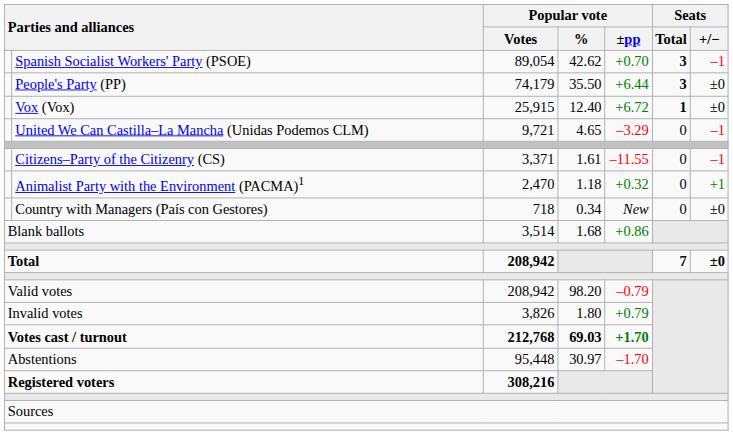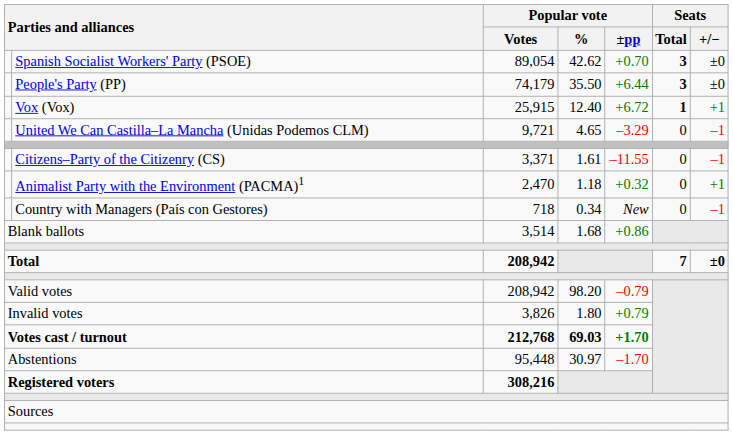 <table class="wikitable" style="text-align:right;">
 <tr>
 <th style="text-align:left;" rowspan="2" colspan="2" width="525">Parties and alliances</th>
 <th colspan="3">Popular vote</th>
 <th colspan="2">Seats</th>
 </tr>
 <tr>
 <th width="75">Votes</th>
 <th width="45">%</th>
 <th width="45">±<a href='#'>pp</a></th>
 <th width="35">Total</th>
 <th width="35">+/−</th>
 </tr>
 <tr>
 <td width="1" style="color:inherit;background:"></td>
 <td align="left"><a href='#'>Spanish Socialist Workers' Party</a> (PSOE)</td>
 <td>89,054</td>
 <td>42.62</td>
 <td style="color:green;">+0.70</td>
 <td><strong>3</strong></td>
-<td style="color:red;">–1</td>
+<td>±0</td>
 </tr>
 <tr>
 <td style="color:inherit;background:"></td>
 <td align="left"><a href='#'>People's Party</a> (PP)</td>
 <td>74,179</td>
 <td>35.50</td>
 <td style="color:green;">+6.44</td>
 <td><strong>3</strong></td>
 <td>±0</td>
 </tr>
 <tr>
 <td style="color:inherit;background:"></td>
 <td align="left"><a href='#'>Vox</a> (Vox)</td>
 <td>25,915</td>
 <td>12.40</td>
 <td style="color:green;">+6.72</td>
 <td><strong>1</strong></td>
-<td>±0</td>
+<td style="color:green;">+1</td>
 </tr>
 <tr>
 <td style="color:inherit;background:"></td>
 <td align="left"><a href='#'>United We Can Castilla–La Mancha</a> (Unidas Podemos CLM)</td>
 <td>9,721</td>
 <td>4.65</td>
 <td style="color:red;">–3.29</td>
 <td>0</td>
 <td style="color:red;">–1</td>
 </tr>
 <tr>
 <td colspan="7" bgcolor="#C0C0C0"></td>
 </tr>
 <tr>
 <td style="color:inherit;background:"></td>
 <td align="left"><a href='#'>Citizens–Party of the Citizenry</a> (CS)</td>
 <td>3,371</td>
 <td>1.61</td>
 <td style="color:red;">–11.55</td>
 <td>0</td>
 <td style="color:red;">–1</td>
 </tr>
 <tr>
 <td style="color:inherit;background:"></td>
 <td align="left"><a href='#'>Animalist Party with the Environment</a> (PACMA)<sup>1</sup></td>
 <td>2,470</td>
 <td>1.18</td>
 <td style="color:green;">+0.32</td>
 <td>0</td>
 <td style="color:green;">+1</td>
 </tr>
 <tr>
 <td style="color:inherit;background:"></td>
 <td align="left">Country with Managers (País con Gestores)</td>
 <td>718</td>
 <td>0.34</td>
 <td><em>New</em></td>
 <td>0</td>
-<td>±0</td>
+<td style="color:red;">–1</td>
 </tr>
 <tr>
 <td align="left" colspan="2">Blank ballots</td>
 <td>3,514</td>
 <td>1.68</td>
 <td style="color:green;">+0.86</td>
 <td bgcolor="#E9E9E9" colspan="2"></td>
 </tr>
 <tr>
 <td colspan="7" bgcolor="#E9E9E9"></td>
 </tr>
 <tr style="font-weight:bold;">
 <td align="left" colspan="2">Total</td>
 <td>208,942</td>
 <td bgcolor="#E9E9E9" colspan="2"></td>
 <td>7</td>
 <td>±0</td>
 </tr>
 <tr>
 <td colspan="7" bgcolor="#E9E9E9"></td>
 </tr>
 <tr>
 <td align="left" colspan="2">Valid votes</td>
 <td>208,942</td>
 <td>98.20</td>
 <td style="color:red;">–0.79</td>
 <td bgcolor="#E9E9E9" colspan="2" rowspan="5"></td>
 </tr>
 <tr>
 <td align="left" colspan="2">Invalid votes</td>
 <td>3,826</td>
 <td>1.80</td>
 <td style="color:green;">+0.79</td>
 </tr>
 <tr style="font-weight:bold;">
 <td align="left" colspan="2">Votes cast / turnout</td>
 <td>212,768</td>
 <td>69.03</td>
 <td style="color:green;">+1.70</td>
 </tr>
 <tr>
 <td align="left" colspan="2">Abstentions</td>
 <td>95,448</td>
 <td>30.97</td>
 <td style="color:red;">–1.70</td>
 </tr>
 <tr style="font-weight:bold;">
 <td align="left" colspan="2">Registered voters</td>
 <td>308,216</td>
 <td bgcolor="#E9E9E9" colspan="2"></td>
 </tr>
 <tr>
 <td colspan="7" bgcolor="#E9E9E9"></td>
 </tr>
 <tr>
 <td align="left" colspan="7">Sources</td>
 </tr>
 <tr>
 <td colspan="7" style="text-align:left; max-width:790px;"></td>
 </tr>
 </table>
